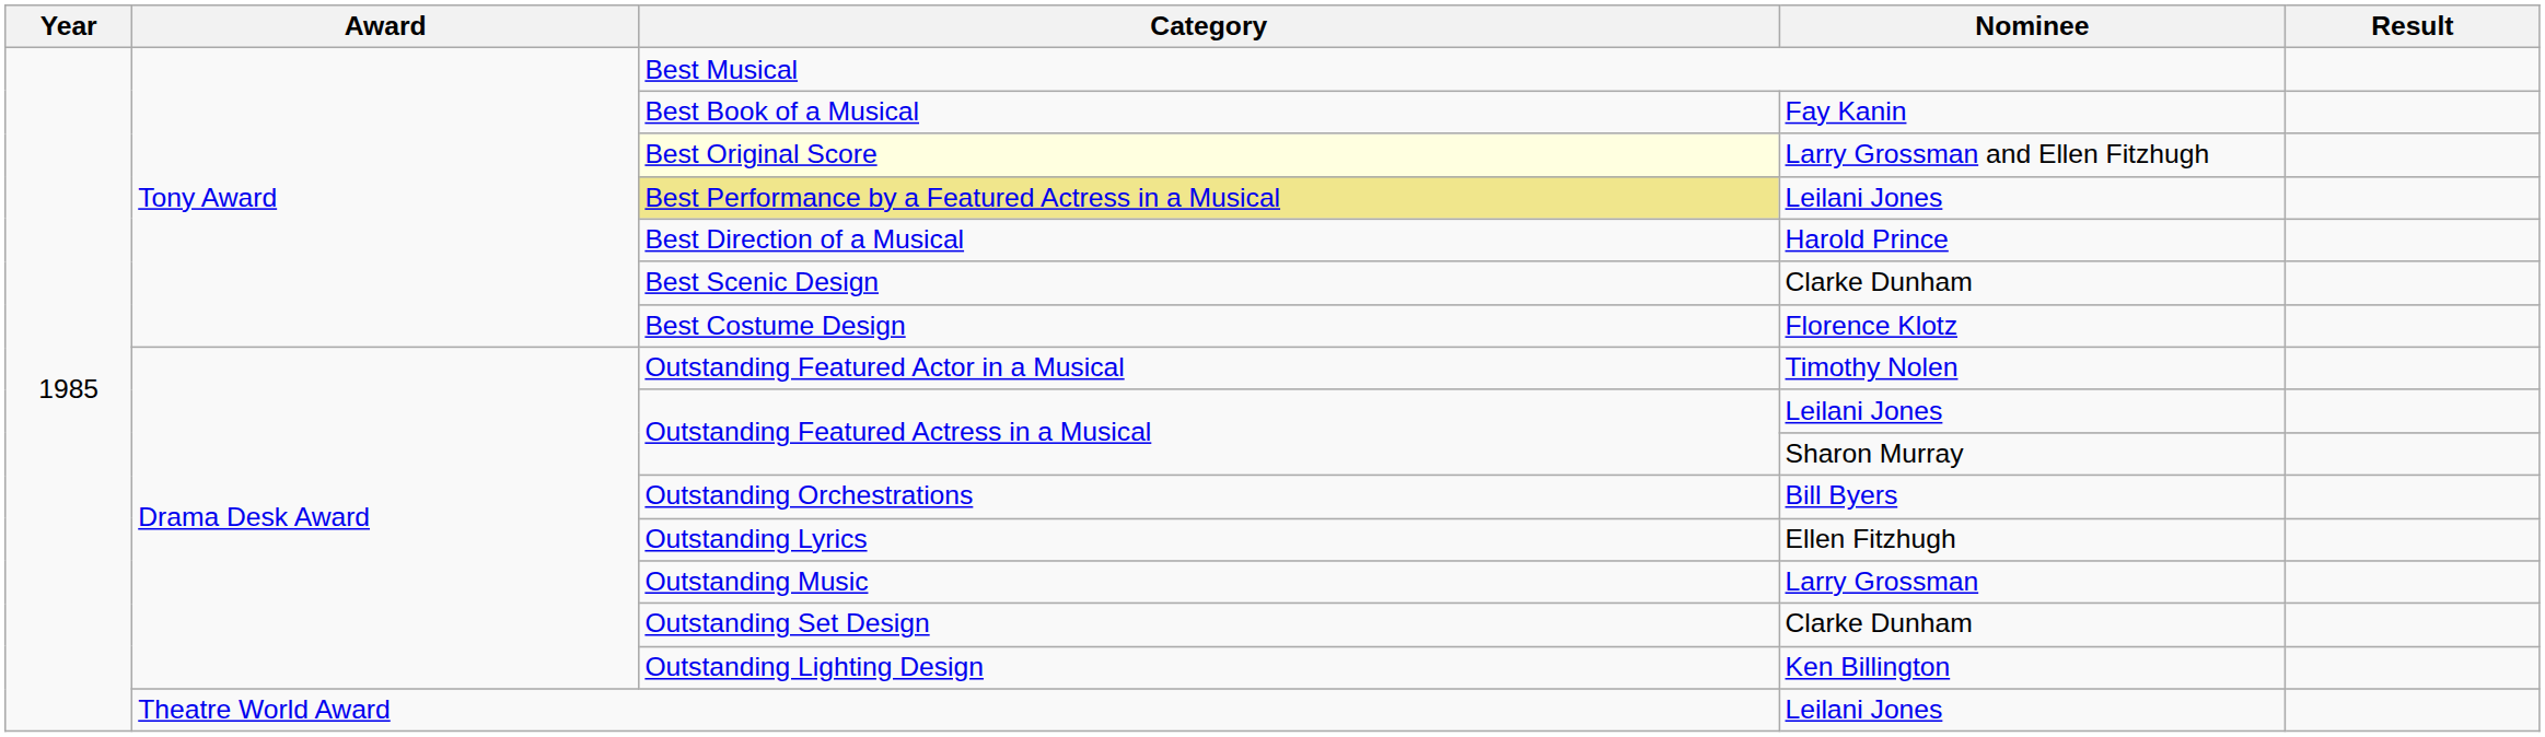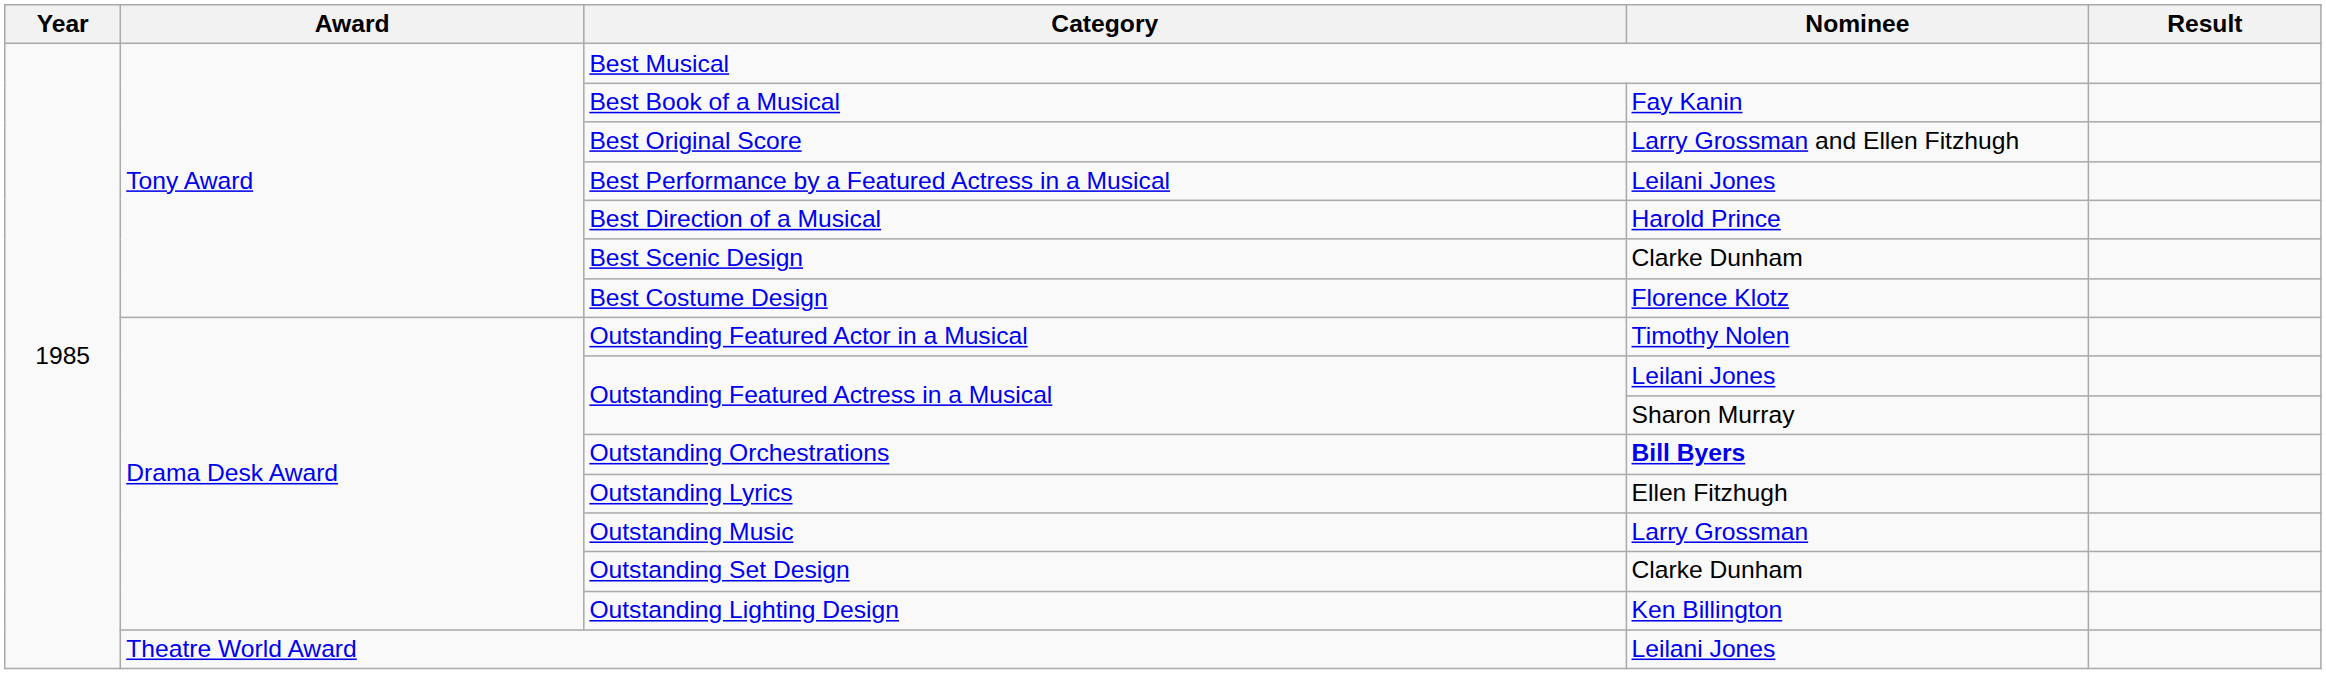 <table class="wikitable" width="95%">
 <tr>
 <th width="5%">Year</th>
 <th width="20%">Award</th>
 <th width="45%">Category</th>
 <th width="20%">Nominee</th>
 <th width="10%">Result</th>
 </tr>
 <tr>
 <td rowspan="16" align="center">1985</td>
 <td rowspan="7"><a href='#'>Tony Award</a></td>
 <td colspan="2"><a href='#'>Best Musical</a></td>
 <td></td>
 </tr>
 <tr>
 <td><a href='#'>Best Book of a Musical</a></td>
 <td><a href='#'>Fay Kanin</a></td>
 <td></td>
 </tr>
 <tr>
-<td style="background: lightyellow;"><a href='#'>Best Original Score</a></td>
+<td><a href='#'>Best Original Score</a></td>
 <td><a href='#'>Larry Grossman</a> and Ellen Fitzhugh</td>
 <td></td>
 </tr>
 <tr>
-<td style="background: khaki;"><a href='#'>Best Performance by a Featured Actress in a Musical</a></td>
+<td><a href='#'>Best Performance by a Featured Actress in a Musical</a></td>
 <td><a href='#'>Leilani Jones</a></td>
 <td></td>
 </tr>
 <tr>
 <td><a href='#'>Best Direction of a Musical</a></td>
 <td><a href='#'>Harold Prince</a></td>
 <td></td>
 </tr>
 <tr>
 <td><a href='#'>Best Scenic Design</a></td>
 <td>Clarke Dunham</td>
 <td></td>
 </tr>
 <tr>
 <td><a href='#'>Best Costume Design</a></td>
 <td><a href='#'>Florence Klotz</a></td>
 <td></td>
 </tr>
 <tr>
 <td rowspan="8"><a href='#'>Drama Desk Award</a></td>
 <td><a href='#'>Outstanding Featured Actor in a Musical</a></td>
 <td><a href='#'>Timothy Nolen</a></td>
 <td></td>
 </tr>
 <tr>
 <td rowspan="2"><a href='#'>Outstanding Featured Actress in a Musical</a></td>
 <td><a href='#'>Leilani Jones</a></td>
 <td></td>
 </tr>
 <tr>
 <td>Sharon Murray</td>
 <td></td>
 </tr>
 <tr>
 <td><a href='#'>Outstanding Orchestrations</a></td>
-<td><a href='#'>Bill Byers</a></td>
+<td><strong><a href='#'>Bill Byers</a></strong></td>
 <td></td>
 </tr>
 <tr>
 <td><a href='#'>Outstanding Lyrics</a></td>
 <td>Ellen Fitzhugh</td>
 <td></td>
 </tr>
 <tr>
 <td><a href='#'>Outstanding Music</a></td>
 <td><a href='#'>Larry Grossman</a></td>
 <td></td>
 </tr>
 <tr>
 <td><a href='#'>Outstanding Set Design</a></td>
 <td>Clarke Dunham</td>
 <td></td>
 </tr>
 <tr>
 <td><a href='#'>Outstanding Lighting Design</a></td>
 <td><a href='#'>Ken Billington</a></td>
 <td></td>
 </tr>
 <tr>
 <td colspan="2"><a href='#'>Theatre World Award</a></td>
 <td><a href='#'>Leilani Jones</a></td>
 <td></td>
 </tr>
 </table>
